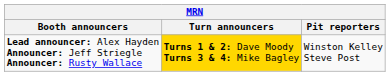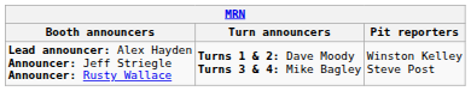 <table class="wikitable" style="font-size: 95%">
 <tr>
 <th colspan="3"><a href='#'>MRN</a></th>
 </tr>
 <tr>
 <th>Booth announcers</th>
 <th>Turn announcers</th>
 <th>Pit reporters</th>
 </tr>
 <tr>
 <td><strong>Lead announcer:</strong> Alex Hayden<br><strong>Announcer:</strong> Jeff Striegle<br><strong>Announcer:</strong> <a href='#'>Rusty Wallace</a></td>
-<td style="background: gold;"><strong>Turns 1 & 2:</strong> Dave Moody<br><strong>Turns 3 & 4:</strong> Mike Bagley</td>
+<td><strong>Turns 1 & 2:</strong> Dave Moody<br><strong>Turns 3 & 4:</strong> Mike Bagley</td>
 <td>Winston Kelley<br>Steve Post</td>
 </tr>
 </table>
